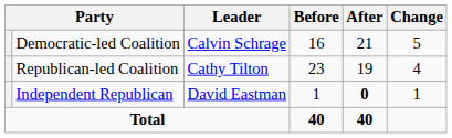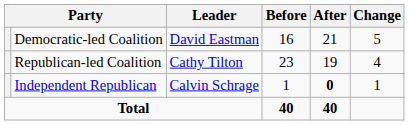 <table class="wikitable" style="text-align:center;">
 <tr>
 <th colspan="2">Party</th>
 <th>Leader</th>
 <th>Before</th>
 <th>After</th>
 <th>Change</th>
 </tr>
 <tr>
 <th style="background-color:"></th>
 <td style="text-align:left;">Democratic-led Coalition</td>
-<td style="text-align:left;"><a href='#'>Calvin Schrage</a></td>
+<td style="text-align:left;"><a href='#'>David Eastman</a></td>
 <td>16</td>
 <td>21</td>
 <td>5</td>
 </tr>
 <tr>
 <th style="background-color:"></th>
 <td style="text-align:left;">Republican-led Coalition</td>
 <td style="text-align:left;"><a href='#'>Cathy Tilton</a></td>
 <td>23</td>
 <td>19</td>
 <td> 4</td>
 </tr>
 <tr>
 <th style="background-color:"></th>
 <td style="text-align:left;"><a href='#'>Independent Republican</a></td>
-<td style="text-align:left;"><a href='#'>David Eastman</a></td>
+<td style="text-align:left;"><a href='#'>Calvin Schrage</a></td>
 <td>1</td>
 <td><strong>0</strong></td>
 <td> 1</td>
 </tr>
 <tr>
 <td colspan="3"><strong>Total</strong></td>
 <td><strong>40</strong></td>
 <td><strong>40</strong></td>
 <td></td>
 </tr>
 </table>
